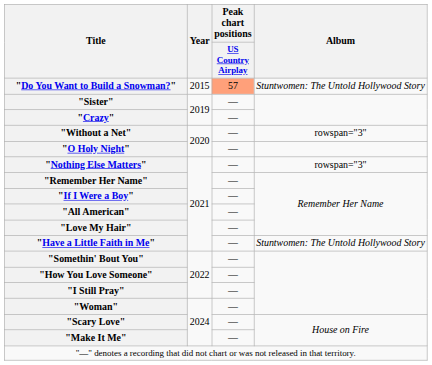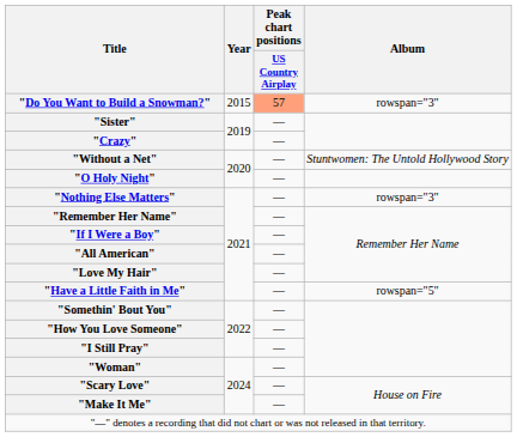 <table class="wikitable plainrowheaders" style="text-align:center;" border="1">
 <tr>
 <th scope="col" rowspan="2" style="width:18em;">Title</th>
 <th scope="col" rowspan="2">Year</th>
 <th scope="col">Peak chart<br>positions</th>
 <th scope="col" rowspan="2">Album</th>
 </tr>
 <tr>
 <th scope="col" style="width:3em;font-size:90%;"><a href='#'>US<br>Country<br>Airplay</a><br></th>
 </tr>
 <tr>
 <th scope="row">"<a href='#'>Do You Want to Build a Snowman?</a>"</th>
 <td>2015</td>
 <td style="background: lightsalmon;">57</td>
-<td><em>Stuntwomen: The Untold Hollywood Story</em></td>
+<td>rowspan="3" </td>
 </tr>
 <tr>
 <th scope="row">"Sister" </th>
 <td rowspan="2">2019</td>
 <td>—</td>
 </tr>
 <tr>
 <th scope="row">"<a href='#'>Crazy</a>"</th>
 <td>—</td>
 </tr>
 <tr>
 <th scope="row">"Without a Net"</th>
 <td rowspan="2">2020</td>
 <td>—</td>
-<td>rowspan="3" </td>
+<td><em>Stuntwomen: The Untold Hollywood Story</em></td>
 </tr>
 <tr>
 <th scope="row">"<a href='#'>O Holy Night</a>"</th>
 <td>—</td>
 <td></td>
 </tr>
 <tr>
 <th scope="row">"<a href='#'>Nothing Else Matters</a>"</th>
 <td rowspan="6">2021</td>
 <td>—</td>
 <td>rowspan="3" </td>
 </tr>
 <tr>
 <th scope="row">"Remember Her Name"</th>
 <td>—</td>
 <td rowspan="4"><em>Remember Her Name</em></td>
 </tr>
 <tr>
 <th scope="row">"<a href='#'>If I Were a Boy</a>"</th>
 <td>—</td>
 </tr>
 <tr>
 <th scope="row">"All American"</th>
 <td>—</td>
 </tr>
 <tr>
 <th scope="row">"Love My Hair"</th>
 <td>—</td>
 </tr>
 <tr>
 <th scope="row">"<a href='#'>Have a Little Faith in Me</a>"</th>
 <td>—</td>
-<td><em>Stuntwomen: The Untold Hollywood Story</em></td>
+<td>rowspan="5" </td>
 </tr>
 <tr>
 <th scope="row">"Somethin' Bout You"</th>
 <td rowspan="3">2022</td>
 <td>—</td>
 </tr>
 <tr>
 <th scope="row">"How You Love Someone"</th>
 <td>—</td>
 </tr>
 <tr>
 <th scope="row">"I Still Pray"</th>
 <td>—</td>
 </tr>
 <tr>
 <th scope="row">"Woman"</th>
 <td rowspan="3">2024</td>
 <td>—</td>
 </tr>
 <tr>
 <th scope="row">"Scary Love"</th>
 <td>—</td>
 <td rowspan="2"><em>House on Fire</em></td>
 </tr>
 <tr>
 <th scope="row">"Make It Me"</th>
 <td>—</td>
 </tr>
 <tr>
 <td colspan="4" style="font-size:90%">"—" denotes a recording that did not chart or was not released in that territory.</td>
 </tr>
 </table>
